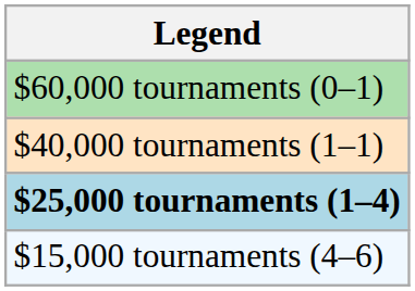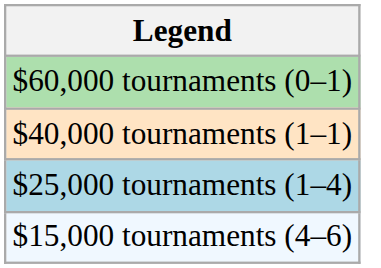 <table class="wikitable" style=font-size:85%>
 <tr>
 <th>Legend</th>
 </tr>
 <tr style="background:#addfad;">
 <td>$60,000 tournaments (0–1)</td>
 </tr>
 <tr style="background:#ffe4c4;">
 <td>$40,000 tournaments (1–1)</td>
 </tr>
 <tr style="background:lightblue;">
-<td><strong>$25,000 tournaments (1–4)</strong></td>
+<td>$25,000 tournaments (1–4)</td>
 </tr>
 <tr style="background:#f0f8ff;">
 <td>$15,000 tournaments (4–6)</td>
 </tr>
 </table>
